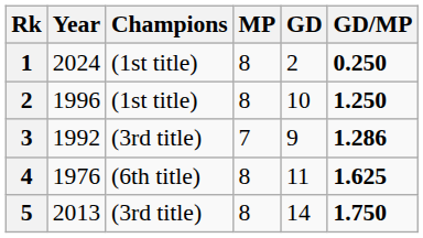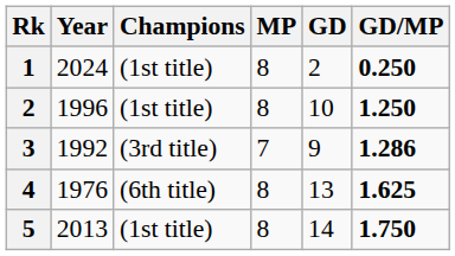 <table class="wikitable sticky-header defaultright col2center col3left" style="margin-left: 1em; margin-right: 1em; display: inline-table;">
 <tr>
 <th scope="col">Rk</th>
 <th scope="col">Year</th>
 <th scope="col">Champions</th>
 <th scope="col">MP</th>
 <th scope="col">GD</th>
 <th scope="col">GD/MP</th>
 </tr>
 <tr>
 <th scope="row">1</th>
 <td>2024</td>
 <td> (1st title)</td>
 <td>8</td>
 <td>2</td>
 <td><strong>0.250</strong></td>
 </tr>
 <tr>
 <th scope="row">2</th>
 <td>1996</td>
 <td> (1st title)</td>
 <td>8</td>
 <td>10</td>
 <td><strong>1.250</strong></td>
 </tr>
 <tr>
 <th scope="row">3</th>
 <td>1992</td>
 <td> (3rd title)</td>
 <td>7</td>
 <td>9</td>
 <td><strong>1.286</strong></td>
 </tr>
 <tr>
 <th scope="row">4</th>
 <td>1976</td>
 <td> (6th title)</td>
 <td>8</td>
-<td>11</td>
+<td>13</td>
 <td><strong>1.625</strong></td>
 </tr>
 <tr>
 <th scope="row">5</th>
 <td>2013</td>
-<td> (3rd title)</td>
+<td> (1st title)</td>
 <td>8</td>
 <td>14</td>
 <td><strong>1.750</strong></td>
 </tr>
 </table>
